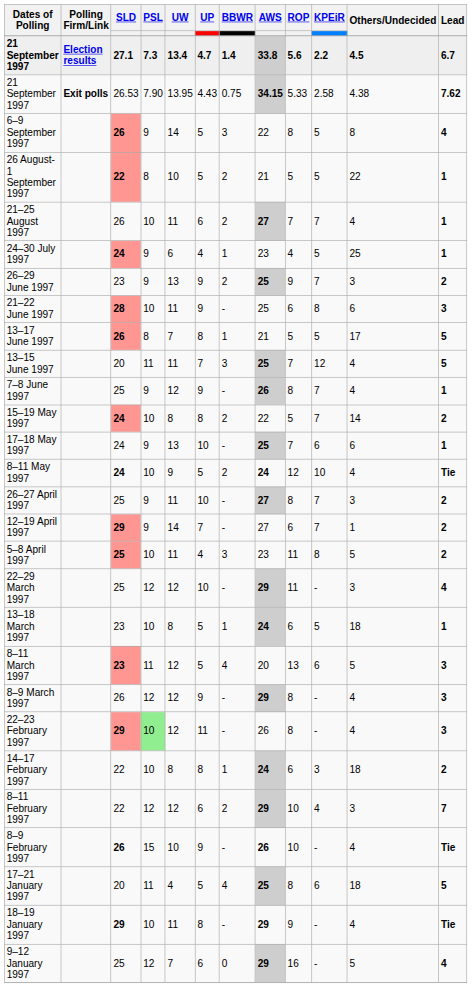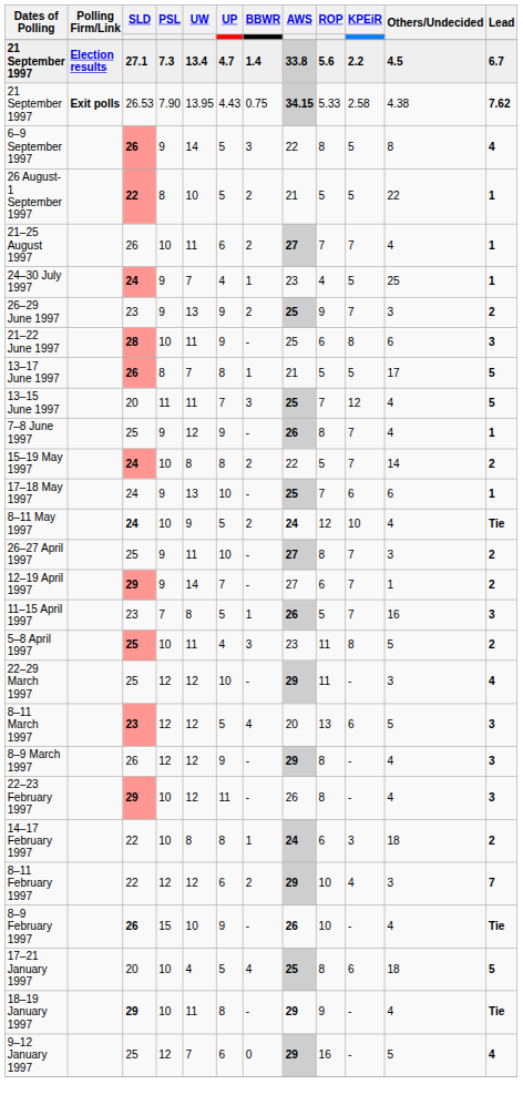 <table class="wikitable sortable collapsible">
 <tr style="height:42px; text-align:center; background-color:#E9E9E9">
 <th rowspan="2" data-sort-type="date" style="width:130px;">Dates of Polling</th>
 <th rowspan="2" style="width:130px;">Polling Firm/Link</th>
 <th style="width:60px;" class="unsortable"><a href='#'>SLD</a></th>
 <th style="width:60px;" class="unsortable"><a href='#'>PSL</a></th>
 <th style="width:60px;" class="unsortable"><a href='#'>UW</a></th>
 <th style="width:60px;" class="unsortable"><a href='#'>UP</a></th>
 <th style="width:60px;" class="unsortable"><a href='#'>BBWR</a></th>
 <th style="width:60px;" class="unsortable"><a href='#'>AWS</a></th>
 <th style="width:60px;" class="unsortable"><a href='#'>ROP</a></th>
 <th style="width:60px;" class="unsortable"><a href='#'>KPEiR</a></th>
 <th rowspan="2" data-sort-type="number" style="width:40px;">Others/Undecided</th>
 <th rowspan="2" data-sort-type="number" style="width:30px;">Lead</th>
 </tr>
 <tr>
 <th data-sort-type="number" style="height:1px; background:"></th>
 <th data-sort-type="number" style="height:1px; background:"></th>
 <th data-sort-type="number" style="height:1px; background:"></th>
 <th data-sort-type="number" style="height:1px; background:Red;"></th>
 <th data-sort-type="number" style="height:1px; background:Black;"></th>
 <th data-sort-type="number" style="height:1px; background:"></th>
 <th data-sort-type="number" style="height:1px; background:"></th>
 <th data-sort-type="number" style="height:1px; background:#007FFF;"></th>
 </tr>
 <tr>
 </tr>
 <tr style="background:#EFEFEF; font-weight:bold;">
 <td>21 September 1997</td>
 <td><a href='#'>Election results</a></td>
 <td>27.1</td>
 <td>7.3</td>
 <td>13.4</td>
 <td>4.7</td>
 <td>1.4</td>
 <td style="background:#CECECE"><strong>33.8</strong></td>
 <td>5.6</td>
 <td>2.2</td>
 <td>4.5</td>
 <td style="background:"><strong>6.7</strong></td>
 </tr>
 <tr>
 <td>21 September 1997</td>
 <td><strong>Exit polls</strong><br></td>
 <td>26.53</td>
 <td>7.90</td>
 <td>13.95</td>
 <td>4.43</td>
 <td>0.75</td>
 <td style="background:#CECECE"><strong>34.15</strong></td>
 <td>5.33</td>
 <td>2.58</td>
 <td>4.38</td>
 <td style="background:"><strong>7.62</strong></td>
 </tr>
 <tr>
 <td>6–9 September 1997</td>
 <td></td>
 <td style="background:#FF9691"><strong>26</strong></td>
 <td>9</td>
 <td>14</td>
 <td>5</td>
 <td>3</td>
 <td>22</td>
 <td>8</td>
 <td>5</td>
 <td>8</td>
 <td style="background:"><strong>4</strong></td>
 </tr>
 <tr>
 <td>26 August-1 September 1997</td>
 <td></td>
 <td style="background:#FF9691"><strong>22</strong></td>
 <td>8</td>
 <td>10</td>
 <td>5</td>
 <td>2</td>
 <td>21</td>
 <td>5</td>
 <td>5</td>
 <td>22</td>
 <td style="background:"><strong>1</strong></td>
 </tr>
 <tr>
 <td>21–25 August 1997</td>
 <td></td>
 <td>26</td>
 <td>10</td>
 <td>11</td>
 <td>6</td>
 <td>2</td>
 <td style="background:#CECECE"><strong>27</strong></td>
 <td>7</td>
 <td>7</td>
 <td>4</td>
 <td style="background:"><strong>1</strong></td>
 </tr>
 <tr>
 <td>24–30 July 1997</td>
 <td></td>
 <td style="background:#FF9691"><strong>24</strong></td>
 <td>9</td>
-<td>6</td>
+<td>7</td>
 <td>4</td>
 <td>1</td>
 <td>23</td>
 <td>4</td>
 <td>5</td>
 <td>25</td>
 <td style="background:"><strong>1</strong></td>
 </tr>
 <tr>
 <td>26–29 June 1997</td>
 <td></td>
 <td>23</td>
 <td>9</td>
 <td>13</td>
 <td>9</td>
 <td>2</td>
 <td style="background:#CECECE"><strong>25</strong></td>
 <td>9</td>
 <td>7</td>
 <td>3</td>
 <td style="background:"><strong>2</strong></td>
 </tr>
 <tr>
 <td>21–22 June 1997</td>
 <td></td>
 <td style="background:#FF9691"><strong>28</strong></td>
 <td>10</td>
 <td>11</td>
 <td>9</td>
 <td>-</td>
 <td>25</td>
 <td>6</td>
 <td>8</td>
 <td>6</td>
 <td style="background:"><strong>3</strong></td>
 </tr>
 <tr>
 <td>13–17 June 1997</td>
 <td></td>
 <td style="background:#FF9691"><strong>26</strong></td>
 <td>8</td>
 <td>7</td>
 <td>8</td>
 <td>1</td>
 <td>21</td>
 <td>5</td>
 <td>5</td>
 <td>17</td>
 <td style="background:"><strong>5</strong></td>
 </tr>
 <tr>
 <td>13–15 June 1997</td>
 <td></td>
 <td>20</td>
 <td>11</td>
 <td>11</td>
 <td>7</td>
 <td>3</td>
 <td style="background:#CECECE"><strong>25</strong></td>
 <td>7</td>
 <td>12</td>
 <td>4</td>
 <td style="background:"><strong>5</strong></td>
 </tr>
 <tr>
 <td>7–8 June 1997</td>
 <td></td>
 <td>25</td>
 <td>9</td>
 <td>12</td>
 <td>9</td>
 <td>-</td>
 <td style="background:#CECECE"><strong>26</strong></td>
 <td>8</td>
 <td>7</td>
 <td>4</td>
 <td style="background:"><strong>1</strong></td>
 </tr>
 <tr>
 <td>15–19 May 1997</td>
 <td></td>
 <td style="background:#FF9691"><strong>24</strong></td>
 <td>10</td>
 <td>8</td>
 <td>8</td>
 <td>2</td>
 <td>22</td>
 <td>5</td>
 <td>7</td>
 <td>14</td>
 <td style="background:"><strong>2</strong></td>
 </tr>
 <tr>
 <td>17–18 May 1997</td>
 <td></td>
 <td>24</td>
 <td>9</td>
 <td>13</td>
 <td>10</td>
 <td>-</td>
 <td style="background:#CECECE"><strong>25</strong></td>
 <td>7</td>
 <td>6</td>
 <td>6</td>
 <td style="background:"><strong>1</strong></td>
 </tr>
 <tr>
 <td>8–11 May 1997</td>
 <td></td>
 <td><strong>24</strong></td>
 <td>10</td>
 <td>9</td>
 <td>5</td>
 <td>2</td>
 <td><strong>24</strong></td>
 <td>12</td>
 <td>10</td>
 <td>4</td>
 <td><strong>Tie</strong></td>
 </tr>
 <tr>
 <td>26–27 April 1997</td>
 <td></td>
 <td>25</td>
 <td>9</td>
 <td>11</td>
 <td>10</td>
 <td>-</td>
 <td style="background:#CECECE"><strong>27</strong></td>
 <td>8</td>
 <td>7</td>
 <td>3</td>
 <td style="background:"><strong>2</strong></td>
 </tr>
 <tr>
 <td>12–19 April 1997</td>
 <td></td>
 <td style="background:#FF9691"><strong>29</strong></td>
 <td>9</td>
 <td>14</td>
 <td>7</td>
 <td>-</td>
 <td>27</td>
 <td>6</td>
 <td>7</td>
 <td>1</td>
 <td style="background:"><strong>2</strong></td>
 </tr>
 <tr>
+<td>11–15 April 1997</td>
+<td></td>
+<td>23</td>
+<td>7</td>
+<td>8</td>
+<td>5</td>
+<td>1</td>
+<td style="background:#CECECE"><strong>26</strong></td>
+<td>5</td>
+<td>7</td>
+<td>16</td>
+<td style="background:"><strong>3</strong></td>
+</tr>
+<tr>
 <td>5–8 April 1997</td>
 <td></td>
 <td style="background:#FF9691"><strong>25</strong></td>
 <td>10</td>
 <td>11</td>
 <td>4</td>
 <td>3</td>
 <td>23</td>
 <td>11</td>
 <td>8</td>
 <td>5</td>
 <td style="background:"><strong>2</strong></td>
 </tr>
 <tr>
 <td>22–29 March 1997</td>
 <td></td>
 <td>25</td>
 <td>12</td>
 <td>12</td>
 <td>10</td>
 <td>-</td>
 <td style="background:#CECECE"><strong>29</strong></td>
 <td>11</td>
 <td>-</td>
 <td>3</td>
 <td style="background:"><strong>4</strong></td>
 </tr>
 <tr>
-<td>13–18 March 1997</td>
-<td></td>
-<td>23</td>
-<td>10</td>
-<td>8</td>
-<td>5</td>
-<td>1</td>
-<td style="background:#CECECE"><strong>24</strong></td>
-<td>6</td>
-<td>5</td>
-<td>18</td>
-<td style="background:"><strong>1</strong></td>
-</tr>
-<tr>
 <td>8–11 March 1997</td>
 <td></td>
 <td style="background:#FF9691"><strong>23</strong></td>
-<td>11</td>
+<td>12</td>
 <td>12</td>
 <td>5</td>
 <td>4</td>
 <td>20</td>
 <td>13</td>
 <td>6</td>
 <td>5</td>
 <td style="background:"><strong>3</strong></td>
 </tr>
 <tr>
 <td>8–9 March 1997</td>
 <td></td>
 <td>26</td>
 <td>12</td>
 <td>12</td>
 <td>9</td>
 <td>-</td>
 <td style="background:#CECECE"><strong>29</strong></td>
 <td>8</td>
 <td>-</td>
 <td>4</td>
 <td style="background:"><strong>3</strong></td>
 </tr>
 <tr>
 <td>22–23 February 1997</td>
 <td></td>
 <td style="background:#FF9691"><strong>29</strong></td>
-<td style="background: lightgreen;">10</td>
+<td>10</td>
 <td>12</td>
 <td>11</td>
 <td>-</td>
 <td>26</td>
 <td>8</td>
 <td>-</td>
 <td>4</td>
 <td style="background:"><strong>3</strong></td>
 </tr>
 <tr>
 <td>14–17 February 1997</td>
 <td></td>
 <td>22</td>
 <td>10</td>
 <td>8</td>
 <td>8</td>
 <td>1</td>
 <td style="background:#CECECE"><strong>24</strong></td>
 <td>6</td>
 <td>3</td>
 <td>18</td>
 <td style="background:"><strong>2</strong></td>
 </tr>
 <tr>
 <td>8–11 February 1997</td>
 <td></td>
 <td>22</td>
 <td>12</td>
 <td>12</td>
 <td>6</td>
 <td>2</td>
 <td style="background:#CECECE"><strong>29</strong></td>
 <td>10</td>
 <td>4</td>
 <td>3</td>
 <td style="background:"><strong>7</strong></td>
 </tr>
 <tr>
 <td>8–9 February 1997</td>
 <td></td>
 <td><strong>26</strong></td>
 <td>15</td>
 <td>10</td>
 <td>9</td>
 <td>-</td>
 <td><strong>26</strong></td>
 <td>10</td>
 <td>-</td>
 <td>4</td>
 <td><strong>Tie</strong></td>
 </tr>
 <tr>
 <td>17–21 January 1997</td>
 <td></td>
 <td>20</td>
-<td>11</td>
+<td>10</td>
 <td>4</td>
 <td>5</td>
 <td>4</td>
 <td style="background:#CECECE"><strong>25</strong></td>
 <td>8</td>
 <td>6</td>
 <td>18</td>
 <td style="background:"><strong>5</strong></td>
 </tr>
 <tr>
 <td>18–19 January 1997</td>
 <td></td>
 <td><strong>29</strong></td>
 <td>10</td>
 <td>11</td>
 <td>8</td>
 <td>-</td>
 <td><strong>29</strong></td>
 <td>9</td>
 <td>-</td>
 <td>4</td>
 <td><strong>Tie</strong></td>
 </tr>
 <tr>
 <td>9–12 January 1997</td>
 <td></td>
 <td>25</td>
 <td>12</td>
 <td>7</td>
 <td>6</td>
 <td>0</td>
 <td style="background:#CECECE"><strong>29</strong></td>
 <td>16</td>
 <td>-</td>
 <td>5</td>
 <td style="background:"><strong>4</strong></td>
 </tr>
 <tr>
 </tr>
 </table>
